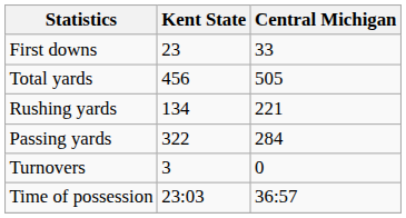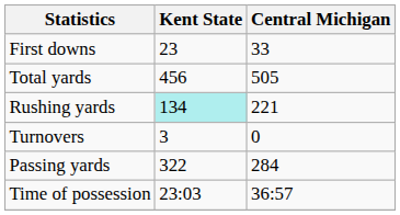 <table class="wikitable">
 <tr>
 <th>Statistics</th>
 <th>Kent State</th>
 <th>Central Michigan</th>
 </tr>
 <tr>
 <td>First downs</td>
 <td>23</td>
 <td>33</td>
 </tr>
 <tr>
 <td>Total yards</td>
 <td>456</td>
 <td>505</td>
 </tr>
 <tr>
 <td>Rushing yards</td>
-<td>134</td>
+<td style="background: paleturquoise;">134</td>
 <td>221</td>
+</tr>
+<tr>
+<td>Turnovers</td>
+<td>3</td>
+<td>0</td>
 </tr>
 <tr>
 <td>Passing yards</td>
 <td>322</td>
 <td>284</td>
-</tr>
-<tr>
-<td>Turnovers</td>
-<td>3</td>
-<td>0</td>
 </tr>
 <tr>
 <td>Time of possession</td>
 <td>23:03</td>
 <td>36:57</td>
 </tr>
 <tr>
 </tr>
 </table>
